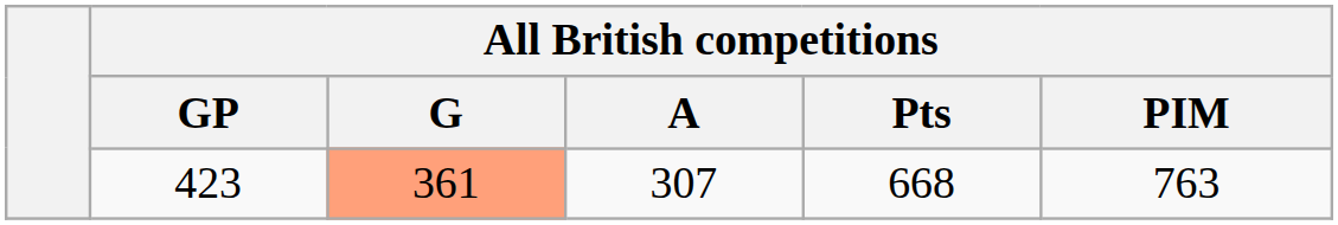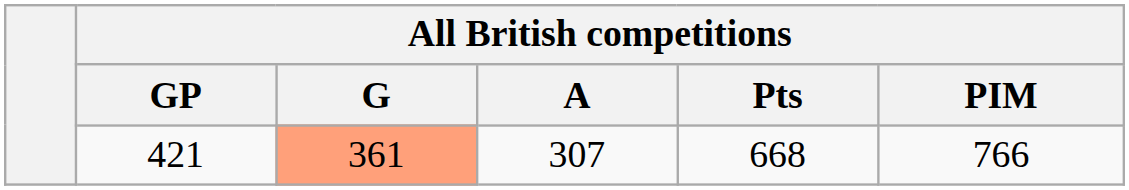 <table class="wikitable"| BORDER="0" CELLPADDING="1" CELLSPACING="0" width="30%" style="text-align:center">
 <tr bgcolor="#e0e0e0">
 <th rowspan="99" bgcolor="#ffffff"> </th>
 <th colspan="5">All British competitions</th>
 </tr>
 <tr bgcolor="#e0e0e0">
 <th>GP</th>
 <th>G</th>
 <th>A</th>
 <th>Pts</th>
 <th>PIM</th>
 </tr>
 <tr ALIGN="center">
-<td>423</td>
+<td>421</td>
 <td style="background: lightsalmon;">361</td>
 <td>307</td>
 <td>668</td>
-<td>763</td>
+<td>766</td>
 </tr>
 </table>
